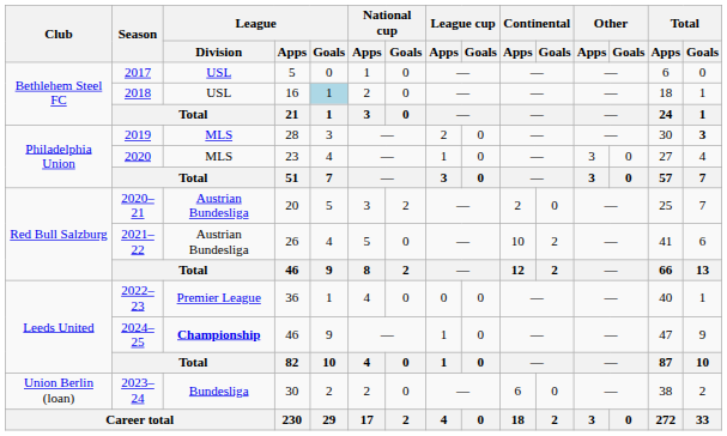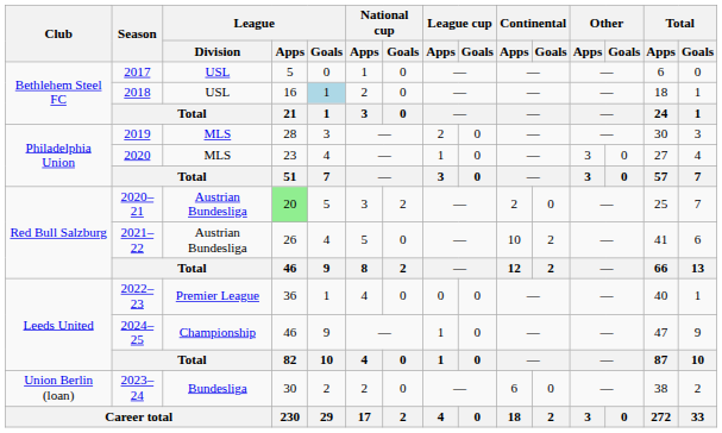 <table class="wikitable" style="text-align: center;">
 <tr>
 <th rowspan="2">Club</th>
 <th rowspan="2">Season</th>
 <th colspan="3">League</th>
 <th colspan="2">National cup</th>
 <th colspan="2">League cup</th>
 <th colspan="2">Continental</th>
 <th colspan="2">Other</th>
 <th colspan="2">Total</th>
 </tr>
 <tr>
 <th>Division</th>
 <th>Apps</th>
 <th>Goals</th>
 <th>Apps</th>
 <th>Goals</th>
 <th>Apps</th>
 <th>Goals</th>
 <th>Apps</th>
 <th>Goals</th>
 <th>Apps</th>
 <th>Goals</th>
 <th>Apps</th>
 <th>Goals</th>
 </tr>
 <tr>
 <td rowspan="3"><a href='#'>Bethlehem Steel FC</a></td>
 <td><a href='#'>2017</a></td>
 <td><a href='#'>USL</a></td>
 <td>5</td>
 <td>0</td>
 <td>1</td>
 <td>0</td>
 <td colspan="2">—</td>
 <td colspan="2">—</td>
 <td colspan="2">—</td>
 <td>6</td>
 <td>0</td>
 </tr>
 <tr>
 <td><a href='#'>2018</a></td>
 <td>USL</td>
 <td>16</td>
 <td style="background: lightblue;">1</td>
 <td>2</td>
 <td>0</td>
 <td colspan="2">—</td>
 <td colspan="2">—</td>
 <td colspan="2">—</td>
 <td>18</td>
 <td>1</td>
 </tr>
 <tr>
 <th colspan="2">Total</th>
 <th>21</th>
 <th>1</th>
 <th>3</th>
 <th>0</th>
 <th colspan="2">—</th>
 <th colspan="2">—</th>
 <th colspan="2">—</th>
 <th>24</th>
 <th>1</th>
 </tr>
 <tr>
 <td rowspan="3"><a href='#'>Philadelphia Union</a></td>
 <td><a href='#'>2019</a></td>
 <td><a href='#'>MLS</a></td>
 <td>28</td>
 <td>3</td>
 <td colspan="2">—</td>
 <td>2</td>
 <td>0</td>
 <td colspan="2">—</td>
 <td colspan="2">—</td>
 <td>30</td>
-<td><strong>3</strong></td>
+<td>3</td>
 </tr>
 <tr>
 <td><a href='#'>2020</a></td>
 <td>MLS</td>
 <td>23</td>
 <td>4</td>
 <td colspan="2">—</td>
 <td>1</td>
 <td>0</td>
 <td colspan="2">—</td>
 <td>3</td>
 <td>0</td>
 <td>27</td>
 <td>4</td>
 </tr>
 <tr>
 <th colspan="2">Total</th>
 <th>51</th>
 <th>7</th>
 <th colspan="2">—</th>
 <th>3</th>
 <th>0</th>
 <th colspan="2">—</th>
 <th>3</th>
 <th>0</th>
 <th>57</th>
 <th>7</th>
 </tr>
 <tr>
 <td rowspan="3"><a href='#'>Red Bull Salzburg</a></td>
 <td><a href='#'>2020–21</a></td>
 <td><a href='#'>Austrian Bundesliga</a></td>
-<td>20</td>
+<td style="background: lightgreen;">20</td>
 <td>5</td>
 <td>3</td>
 <td>2</td>
 <td colspan="2">—</td>
 <td>2</td>
 <td>0</td>
 <td colspan="2">—</td>
 <td>25</td>
 <td>7</td>
 </tr>
 <tr>
 <td><a href='#'>2021–22</a></td>
 <td>Austrian Bundesliga</td>
 <td>26</td>
 <td>4</td>
 <td>5</td>
 <td>0</td>
 <td colspan="2">—</td>
 <td>10</td>
 <td>2</td>
 <td colspan="2">—</td>
 <td>41</td>
 <td>6</td>
 </tr>
 <tr>
 <th colspan="2">Total</th>
 <th>46</th>
 <th>9</th>
 <th>8</th>
 <th>2</th>
 <th colspan="2">—</th>
 <th>12</th>
 <th>2</th>
 <th colspan="2">—</th>
 <th>66</th>
 <th>13</th>
 </tr>
 <tr>
 <td rowspan="3"><a href='#'>Leeds United</a></td>
 <td><a href='#'>2022–23</a></td>
 <td><a href='#'>Premier League</a></td>
 <td>36</td>
 <td>1</td>
 <td>4</td>
 <td>0</td>
 <td>0</td>
 <td>0</td>
 <td colspan="2">—</td>
 <td colspan="2">—</td>
 <td>40</td>
 <td>1</td>
 </tr>
 <tr>
 <td><a href='#'>2024–25</a></td>
-<td><strong><a href='#'>Championship</a></strong></td>
+<td><a href='#'>Championship</a></td>
 <td>46</td>
 <td>9</td>
 <td colspan="2">—</td>
 <td>1</td>
 <td>0</td>
 <td colspan="2">—</td>
 <td colspan="2">—</td>
 <td>47</td>
 <td>9</td>
 </tr>
 <tr>
 <th colspan="2">Total</th>
 <th>82</th>
 <th>10</th>
 <th>4</th>
 <th>0</th>
 <th>1</th>
 <th>0</th>
 <th colspan="2">—</th>
 <th colspan="2">—</th>
 <th>87</th>
 <th>10</th>
 </tr>
 <tr>
 <td><a href='#'>Union Berlin</a> (loan)</td>
 <td><a href='#'>2023–24</a></td>
 <td><a href='#'>Bundesliga</a></td>
 <td>30</td>
 <td>2</td>
 <td>2</td>
 <td>0</td>
 <td colspan="2">—</td>
 <td>6</td>
 <td>0</td>
 <td colspan="2">—</td>
 <td>38</td>
 <td>2</td>
 </tr>
 <tr>
 <th colspan="3">Career total</th>
 <th>230</th>
 <th>29</th>
 <th>17</th>
 <th>2</th>
 <th>4</th>
 <th>0</th>
 <th>18</th>
 <th>2</th>
 <th>3</th>
 <th>0</th>
 <th>272</th>
 <th>33</th>
 </tr>
 </table>
